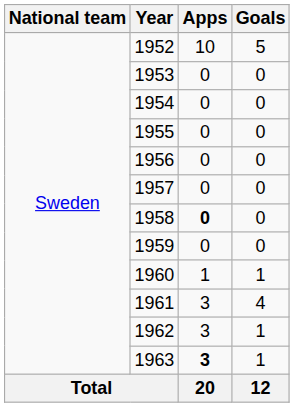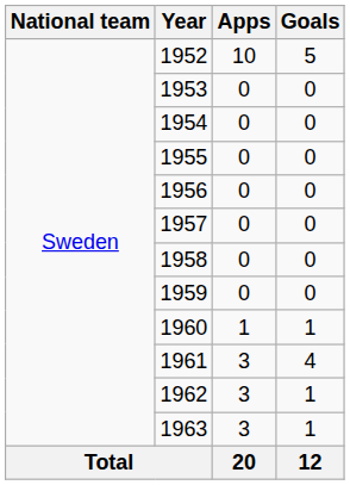 <table class="wikitable" style="text-align:center">
 <tr>
 <th>National team</th>
 <th>Year</th>
 <th>Apps</th>
 <th>Goals</th>
 </tr>
 <tr>
 <td rowspan="12"><a href='#'>Sweden</a></td>
 <td>1952</td>
 <td>10</td>
 <td>5</td>
 </tr>
 <tr>
 <td>1953</td>
 <td>0</td>
 <td>0</td>
 </tr>
 <tr>
 <td>1954</td>
 <td>0</td>
 <td>0</td>
 </tr>
 <tr>
 <td>1955</td>
 <td>0</td>
 <td>0</td>
 </tr>
 <tr>
 <td>1956</td>
 <td>0</td>
 <td>0</td>
 </tr>
 <tr>
 <td>1957</td>
 <td>0</td>
 <td>0</td>
 </tr>
 <tr>
 <td>1958</td>
-<td><strong>0</strong></td>
+<td>0</td>
 <td>0</td>
 </tr>
 <tr>
 <td>1959</td>
 <td>0</td>
 <td>0</td>
 </tr>
 <tr>
 <td>1960</td>
 <td>1</td>
 <td>1</td>
 </tr>
 <tr>
 <td>1961</td>
 <td>3</td>
 <td>4</td>
 </tr>
 <tr>
 <td>1962</td>
 <td>3</td>
 <td>1</td>
 </tr>
 <tr>
 <td>1963</td>
-<td><strong>3</strong></td>
+<td>3</td>
 <td>1</td>
 </tr>
 <tr>
 <th colspan="2">Total</th>
 <th>20</th>
 <th>12</th>
 </tr>
 </table>
